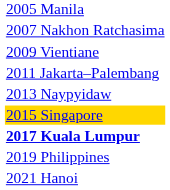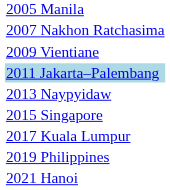 <table>
 <tr>
 <td><a href='#'>2005 Manila</a></td>
 <td></td>
 <td></td>
 <td></td>
 </tr>
 <tr>
 <td><a href='#'>2007 Nakhon Ratchasima</a></td>
 <td></td>
 <td></td>
 <td></td>
 </tr>
 <tr>
 <td><a href='#'>2009 Vientiane</a></td>
 <td></td>
 <td></td>
 <td></td>
 </tr>
 <tr>
-<td><a href='#'>2011 Jakarta–Palembang</a></td>
+<td style="background: lightblue;"><a href='#'>2011 Jakarta–Palembang</a></td>
 <td></td>
 <td></td>
 <td></td>
 </tr>
 <tr>
 <td><a href='#'>2013 Naypyidaw</a></td>
 <td></td>
 <td></td>
 <td></td>
 </tr>
 <tr>
-<td style="background: gold;"><a href='#'>2015 Singapore</a></td>
+<td><a href='#'>2015 Singapore</a></td>
 <td></td>
 <td></td>
 <td></td>
 </tr>
 <tr>
-<td><strong><a href='#'>2017 Kuala Lumpur</a></strong></td>
+<td><a href='#'>2017 Kuala Lumpur</a></td>
 <td></td>
 <td></td>
 <td></td>
 </tr>
 <tr>
 <td><a href='#'>2019 Philippines</a></td>
 <td></td>
 <td></td>
 <td></td>
 </tr>
 <tr>
 <td><a href='#'>2021 Hanoi</a></td>
 <td></td>
 <td></td>
 <td></td>
 </tr>
 </table>
